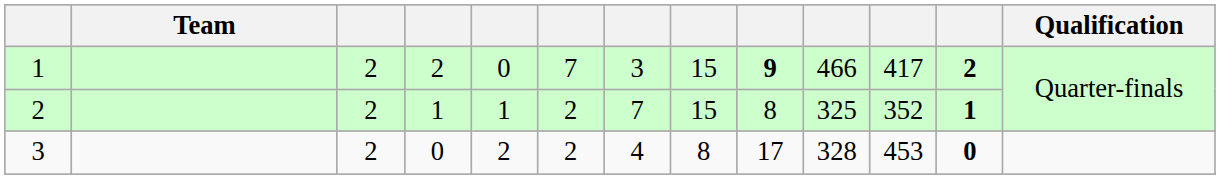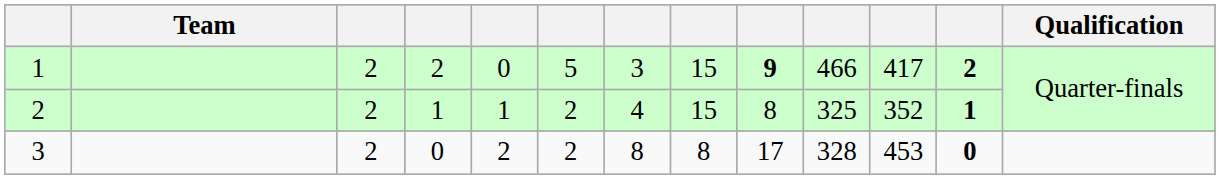 <table class=wikitable style="text-align:center" width=730>
 <tr>
 <th width=5.5%></th>
 <th width=22%>Team</th>
 <th width=5.5%></th>
 <th width=5.5%></th>
 <th width=5.5%></th>
 <th width=5.5%></th>
 <th width=5.5%></th>
 <th width=5.5%></th>
 <th width=5.5%></th>
 <th width=5.5%></th>
 <th width=5.5%></th>
 <th width=5.5%></th>
 <th width=18%>Qualification</th>
 </tr>
 <tr bgcolor=ccffcc>
 <td>1</td>
 <td style="text-align:left"></td>
 <td>2</td>
 <td>2</td>
 <td>0</td>
-<td>7</td>
+<td>5</td>
 <td>3</td>
 <td>15</td>
 <td><strong>9</strong></td>
 <td>466</td>
 <td>417</td>
 <td><strong>2</strong></td>
 <td rowspan=2>Quarter-finals</td>
 </tr>
 <tr bgcolor=ccffcc>
 <td>2</td>
 <td style="text-align:left"></td>
 <td>2</td>
 <td>1</td>
 <td>1</td>
 <td>2</td>
-<td>7</td>
+<td>4</td>
 <td>15</td>
 <td>8</td>
 <td>325</td>
 <td>352</td>
 <td><strong>1</strong></td>
 </tr>
 <tr>
 <td>3</td>
 <td style="text-align:left"></td>
 <td>2</td>
 <td>0</td>
 <td>2</td>
 <td>2</td>
-<td>4</td>
+<td>8</td>
 <td>8</td>
 <td>17</td>
 <td>328</td>
 <td>453</td>
 <td><strong>0</strong></td>
 <td></td>
 </tr>
 </table>
